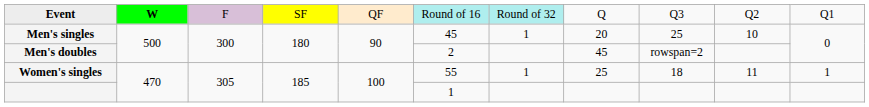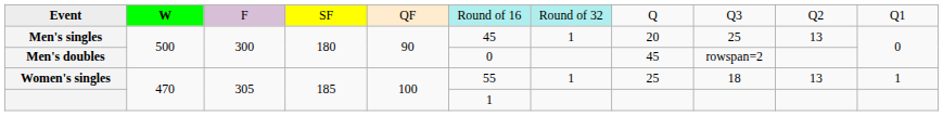 <table class=wikitable style=font-size:90%;text-align:center>
 <tr>
 <td style="width:130px; background:#ededed;"><strong>Event</strong></td>
 <td style="width:80px; background:lime;"><strong>W</strong></td>
 <td style="width:85px; background:thistle;">F</td>
 <td style="width:85px; background:#ff0;">SF</td>
 <td style="width:85px; background:#ffebcd;">QF</td>
 <td style="width:85px; background:#afeeee;">Round of 16</td>
 <td style="width:85px; background:#afeeee;">Round of 32</td>
 <td width=85>Q</td>
 <td width=85>Q3</td>
 <td width=85>Q2</td>
 <td width=85>Q1</td>
 </tr>
 <tr>
 <th style="background:#f4f4f4;">Men's singles</th>
 <td rowspan=2>500</td>
 <td rowspan=2>300</td>
 <td rowspan=2>180</td>
 <td rowspan=2>90</td>
 <td>45</td>
 <td>1</td>
 <td>20</td>
 <td>25</td>
-<td>10</td>
+<td>13</td>
 <td rowspan=2>0</td>
 </tr>
 <tr>
 <th style="background:#f4f4f4;">Men's doubles</th>
-<td>2</td>
+<td>0</td>
 <td></td>
 <td>45</td>
 <td>rowspan=2 </td>
 </tr>
 <tr>
 <th style="background:#f4f4f4;">Women's singles</th>
 <td rowspan=2>470</td>
 <td rowspan=2>305</td>
 <td rowspan=2>185</td>
 <td rowspan=2>100</td>
 <td>55</td>
 <td>1</td>
 <td>25</td>
 <td>18</td>
-<td>11</td>
+<td>13</td>
 <td>1</td>
 </tr>
 <tr>
 <th style="background:#f4f4f4;"></th>
 <td>1</td>
 <td></td>
 <td></td>
 <td></td>
 <td></td>
 <td></td>
 </tr>
 </table>
